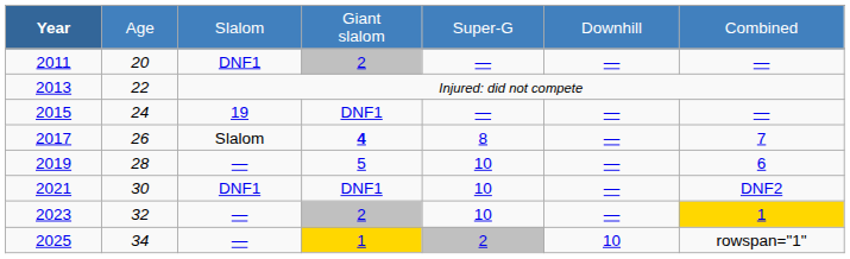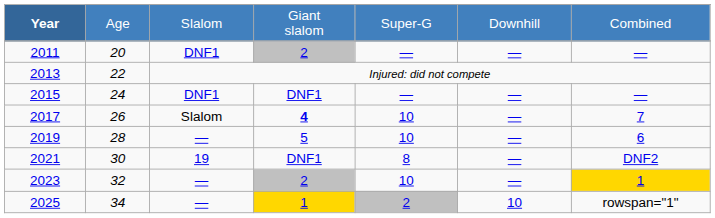 <table class="wikitable" style="font-size:95%; text-align:center; border:grey solid 1px; border-collapse:collapse;" width="40%">
 <tr style="background-color:#369; color:white;">
 <td rowspan="2" colspan="1" width="4%"><strong>Year</strong></td>
 </tr>
 <tr style="background-color:#4180be; color:white;">
 <td width="3%">Age</td>
 <td width="5%">Slalom</td>
 <td width="5%">Giant<br>slalom</td>
 <td width="5%">Super-G</td>
 <td width="5%">Downhill</td>
 <td width="5%">Combined</td>
 </tr>
 <tr style="background-color:#8CB2D8; color:white;">
 </tr>
 <tr>
 <td><a href='#'>2011</a></td>
 <td><em>20</em></td>
 <td><a href='#'>DNF1</a></td>
 <td style="background:silver;"><a href='#'>2</a></td>
 <td><a href='#'>—</a></td>
 <td><a href='#'>—</a></td>
 <td><a href='#'>—</a></td>
 </tr>
 <tr>
 <td><a href='#'>2013</a></td>
 <td><em>22</em></td>
 <td colspan=5><small><em>Injured: did not compete</em></small></td>
 </tr>
 <tr>
 <td><a href='#'>2015</a></td>
 <td><em>24</em></td>
-<td><a href='#'>19</a></td>
+<td><a href='#'>DNF1</a></td>
 <td><a href='#'>DNF1</a></td>
 <td><a href='#'>—</a></td>
 <td><a href='#'>—</a></td>
 <td><a href='#'>—</a></td>
 </tr>
 <tr>
 <td><a href='#'>2017</a></td>
 <td><em>26</em></td>
 <td width="5%">Slalom</td>
 <td><strong><a href='#'>4</a></strong></td>
-<td><a href='#'>8</a></td>
+<td><a href='#'>10</a></td>
 <td><a href='#'>—</a></td>
 <td><a href='#'>7</a></td>
 </tr>
 <tr>
 <td><a href='#'>2019</a></td>
 <td><em>28</em></td>
 <td><a href='#'>—</a></td>
 <td><a href='#'>5</a></td>
 <td><a href='#'>10</a></td>
 <td><a href='#'>—</a></td>
 <td><a href='#'>6</a></td>
 </tr>
 <tr>
 <td><a href='#'>2021</a></td>
 <td><em>30</em></td>
+<td><a href='#'>19</a></td>
 <td><a href='#'>DNF1</a></td>
-<td><a href='#'>DNF1</a></td>
-<td><a href='#'>10</a></td>
+<td><a href='#'>8</a></td>
 <td><a href='#'>—</a></td>
 <td><a href='#'>DNF2</a></td>
 </tr>
 <tr>
 <td><a href='#'>2023</a></td>
 <td><em>32</em></td>
 <td><a href='#'>—</a></td>
 <td style="background:silver;"><a href='#'>2</a></td>
 <td><a href='#'>10</a></td>
 <td><a href='#'>—</a></td>
 <td style="background:gold;"><a href='#'>1</a></td>
 </tr>
 <tr>
 <td><a href='#'>2025</a></td>
 <td><em>34</em></td>
 <td><a href='#'>—</a></td>
 <td style="background:gold;"><a href='#'>1</a></td>
 <td style="background:silver;"><a href='#'>2</a></td>
 <td><a href='#'>10</a></td>
 <td>rowspan="1" </td>
 </tr>
 </table>
